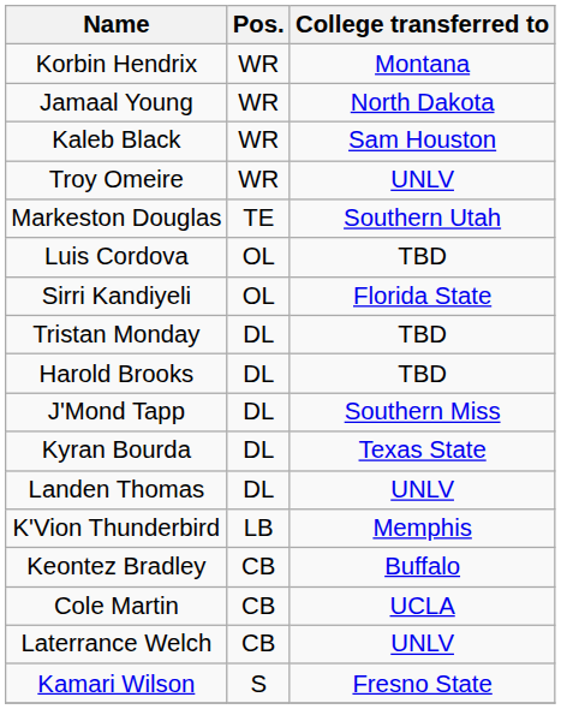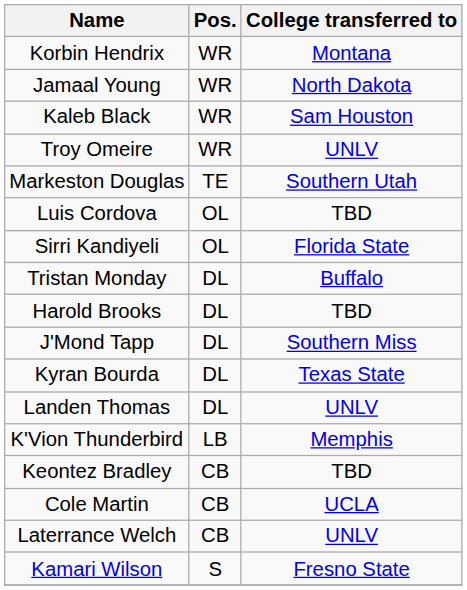 <table class="wikitable sortable sortable" style="text-align: center">
 <tr style="text-align:center">
 <th style="text-align:center; ">Name</th>
 <th style="text-align:center; ">Pos.</th>
 <th style="text-align:center; ">College transferred to</th>
 </tr>
 <tr>
 <td>Korbin Hendrix</td>
 <td>WR</td>
 <td><a href='#'>Montana</a></td>
 </tr>
 <tr>
 <td>Jamaal Young</td>
 <td>WR</td>
 <td><a href='#'>North Dakota</a></td>
 </tr>
 <tr>
 <td>Kaleb Black</td>
 <td>WR</td>
 <td><a href='#'>Sam Houston</a></td>
 </tr>
 <tr>
 <td>Troy Omeire</td>
 <td>WR</td>
 <td><a href='#'>UNLV</a></td>
 </tr>
 <tr>
 <td>Markeston Douglas</td>
 <td>TE</td>
 <td><a href='#'>Southern Utah</a></td>
 </tr>
 <tr>
 <td>Luis Cordova</td>
 <td>OL</td>
 <td>TBD</td>
 </tr>
 <tr>
 <td>Sirri Kandiyeli</td>
 <td>OL</td>
 <td><a href='#'>Florida State</a></td>
 </tr>
 <tr>
 <td>Tristan Monday</td>
 <td>DL</td>
-<td>TBD</td>
+<td><a href='#'>Buffalo</a></td>
 </tr>
 <tr>
 <td>Harold Brooks</td>
 <td>DL</td>
 <td>TBD</td>
 </tr>
 <tr>
 <td>J'Mond Tapp</td>
 <td>DL</td>
 <td><a href='#'>Southern Miss</a></td>
 </tr>
 <tr>
 <td>Kyran Bourda</td>
 <td>DL</td>
 <td><a href='#'>Texas State</a></td>
 </tr>
 <tr>
 <td>Landen Thomas</td>
 <td>DL</td>
 <td><a href='#'>UNLV</a></td>
 </tr>
 <tr>
 <td>K'Vion Thunderbird</td>
 <td>LB</td>
 <td><a href='#'>Memphis</a></td>
 </tr>
 <tr>
 <td>Keontez Bradley</td>
 <td>CB</td>
-<td><a href='#'>Buffalo</a></td>
+<td>TBD</td>
 </tr>
 <tr>
 <td>Cole Martin</td>
 <td>CB</td>
 <td><a href='#'>UCLA</a></td>
 </tr>
 <tr>
 <td>Laterrance Welch</td>
 <td>CB</td>
 <td><a href='#'>UNLV</a></td>
 </tr>
 <tr>
 <td><a href='#'>Kamari Wilson</a></td>
 <td>S</td>
 <td><a href='#'>Fresno State</a></td>
 </tr>
 <tr>
 </tr>
 </table>
